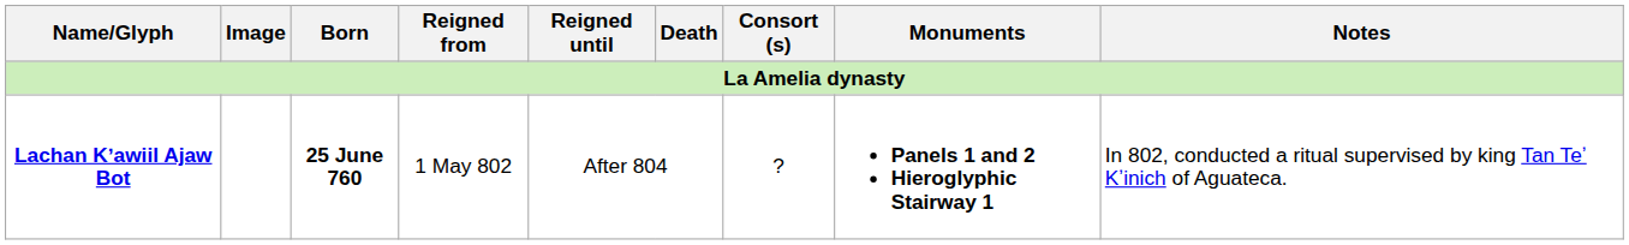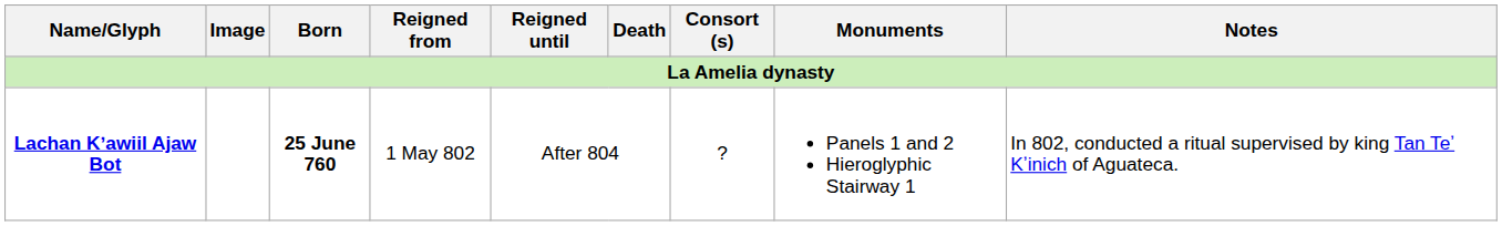 <table class="wikitable">
 <tr>
 <th>Name/Glyph</th>
 <th>Image</th>
 <th>Born</th>
 <th>Reigned from</th>
 <th>Reigned until</th>
 <th>Death</th>
 <th>Consort (s)</th>
 <th>Monuments</th>
 <th>Notes</th>
 </tr>
 <tr bgcolor=#ceb>
 <td align="center" colspan="9"><strong>La Amelia dynasty</strong></td>
 </tr>
 <tr bgcolor=#fff>
 <td align="center"><strong><a href='#'>Lachan Kʼawiil Ajaw Bot</a></strong></td>
 <td align="center"></td>
 <td align="center"><strong>25 June 760</strong></td>
 <td align="center">1 May 802</td>
 <td align="center" colspan="2">After 804</td>
 <td align="center">?</td>
-<td><strong><br><ul><li>Panels 1 and 2</li><li>Hieroglyphic Stairway 1</li></ul></strong></td>
+<td><br><ul><li>Panels 1 and 2</li><li>Hieroglyphic Stairway 1</li></ul></td>
 <td>In 802, conducted a ritual supervised by king <a href='#'>Tan Teʼ Kʼinich</a> of Aguateca.</td>
 </tr>
 </table>
